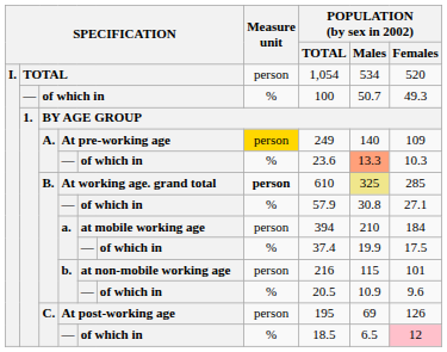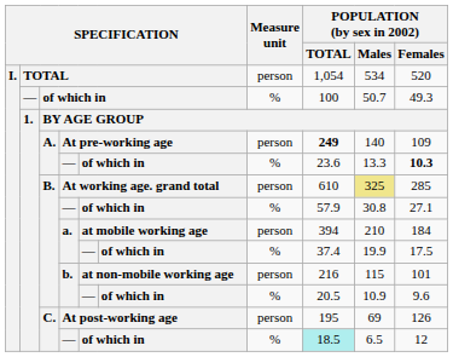 <table class="wikitable" style="font-size:85%; text-align:center">
 <tr>
 <th rowspan="2" colspan="6">SPECIFICATION</th>
 <th rowspan="2">Measure<br> unit</th>
 <th colspan="3" rowspan="1">POPULATION<br> (by sex in 2002)</th>
 </tr>
 <tr>
 <th>TOTAL</th>
 <th>Males</th>
 <th>Females</th>
 </tr>
 <tr>
 <th style="text-align:left" valign="top" rowspan="13">I.</th>
 <th style="text-align:left" colspan="5">TOTAL</th>
 <td>person</td>
 <td>1,054</td>
 <td>534</td>
 <td>520</td>
 </tr>
 <tr>
 <th style="text-align:left" valign="top">—</th>
 <th style="text-align:left" colspan="4">of which in</th>
 <td>%</td>
 <td>100</td>
 <td>50.7</td>
 <td>49.3</td>
 </tr>
 <tr>
 <th style="text-align:left" valign="top" rowspan="11">1.</th>
 <th style="text-align:left" colspan="19">BY AGE GROUP</th>
 </tr>
 <tr>
 <th style="text-align:left" valign="top" rowspan="2">A.</th>
 <th style="text-align:left" colspan="3">At pre-working age</th>
-<td style="background: gold;">person</td>
-<td>249</td>
+<td>person</td>
+<td><strong>249</strong></td>
 <td>140</td>
 <td>109</td>
 </tr>
 <tr>
 <th style="text-align:left" valign="top">—</th>
 <th style="text-align:left" valign="top" colspan="2">of which in</th>
 <td>%</td>
 <td>23.6</td>
-<td style="background: lightsalmon;">13.3</td>
-<td>10.3</td>
+<td>13.3</td>
+<td><strong>10.3</strong></td>
 </tr>
 <tr>
 <th style="text-align:left" valign="top" rowspan="6">B.</th>
 <th style="text-align:left" colspan="3">At working age. grand total</th>
-<td><strong>person</strong></td>
+<td>person</td>
 <td>610</td>
 <td style="background: khaki;">325</td>
 <td>285</td>
 </tr>
 <tr>
 <th style="text-align:left" valign="top">—</th>
 <th style="text-align:left" valign="top" colspan="2">of which in</th>
 <td>%</td>
 <td>57.9</td>
 <td>30.8</td>
 <td>27.1</td>
 </tr>
 <tr>
 <th style="text-align:left" valign="top" rowspan="2">a.</th>
 <th style="text-align:left" colspan="2">at mobile working age</th>
 <td>person</td>
 <td>394</td>
 <td>210</td>
 <td>184</td>
 </tr>
 <tr>
 <th style="text-align:left" valign="top">—</th>
 <th style="text-align:left" valign="top" colspan="1">of which in                        </th>
 <td>%</td>
 <td>37.4</td>
 <td>19.9</td>
 <td>17.5</td>
 </tr>
 <tr>
 <th style="text-align:left" valign="top" rowspan="2">b.</th>
 <th style="text-align:left" colspan="2">at non-mobile working age</th>
 <td>person</td>
 <td>216</td>
 <td>115</td>
 <td>101</td>
 </tr>
 <tr>
 <th style="text-align:left" valign="top">—</th>
 <th style="text-align:left" valign="top" colspan="1">of which in                        </th>
 <td>%</td>
 <td>20.5</td>
 <td>10.9</td>
 <td>9.6</td>
 </tr>
 <tr>
 <th style="text-align:left" valign="top" rowspan="2">C.</th>
 <th style="text-align:left" colspan="3">At post-working age</th>
 <td>person</td>
 <td>195</td>
 <td>69</td>
 <td>126</td>
 </tr>
 <tr>
 <th style="text-align:left" valign="top">—</th>
 <th style="text-align:left" valign="top" colspan="2">of which in</th>
 <td>%</td>
-<td>18.5</td>
+<td style="background: paleturquoise;">18.5</td>
 <td>6.5</td>
-<td style="background: pink;">12</td>
+<td>12</td>
 </tr>
 </table>
